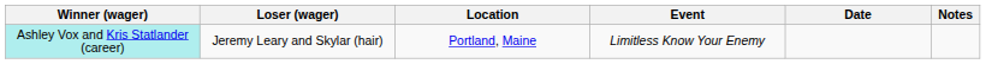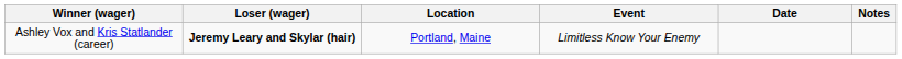 <table class="wikitable" style="text-align: center">
 <tr>
 <th width=20% scope="col">Winner (wager)</th>
 <th width=20% scope="col">Loser (wager)</th>
 <th width=20% scope="col">Location</th>
 <th width=20% scope="col">Event</th>
 <th width=15% scope="col">Date</th>
 <th class="unsortable" width=5% scope="col">Notes</th>
 </tr>
 <tr>
-<td style="background: paleturquoise;">Ashley Vox and <a href='#'>Kris Statlander</a> (career)</td>
-<td>Jeremy Leary and Skylar (hair)</td>
+<td>Ashley Vox and <a href='#'>Kris Statlander</a> (career)</td>
+<td><strong>Jeremy Leary and Skylar (hair)</strong></td>
 <td><a href='#'>Portland</a>, <a href='#'>Maine</a></td>
 <td><em>Limitless Know Your Enemy</em></td>
 <td></td>
 <td></td>
 </tr>
 </table>
